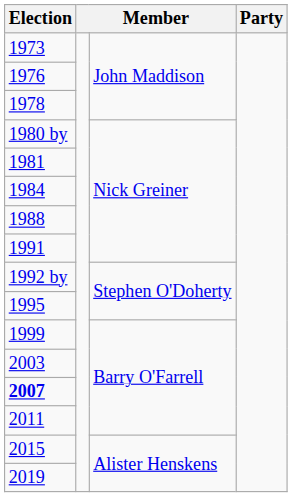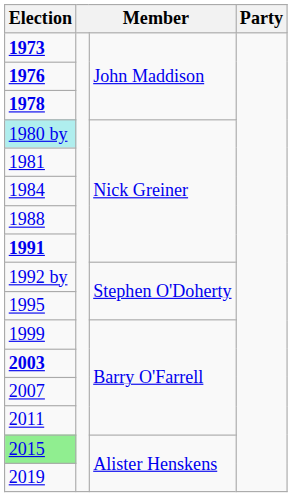 <table class="wikitable">
 <tr>
 <th>Election</th>
 <th colspan="2">Member</th>
 <th>Party</th>
 </tr>
 <tr>
-<td><a href='#'>1973</a></td>
+<td><strong><a href='#'>1973</a></strong></td>
 <td rowspan="16" > </td>
 <td rowspan="3"><a href='#'>John Maddison</a></td>
 <td rowspan="16"></td>
 </tr>
 <tr>
-<td><a href='#'>1976</a></td>
+<td><strong><a href='#'>1976</a></strong></td>
 </tr>
 <tr>
-<td><a href='#'>1978</a></td>
+<td><strong><a href='#'>1978</a></strong></td>
 </tr>
 <tr>
-<td><a href='#'>1980 by</a></td>
+<td style="background: paleturquoise;"><a href='#'>1980 by</a></td>
 <td rowspan="5"><a href='#'>Nick Greiner</a></td>
 </tr>
 <tr>
 <td><a href='#'>1981</a></td>
 </tr>
 <tr>
 <td><a href='#'>1984</a></td>
 </tr>
 <tr>
 <td><a href='#'>1988</a></td>
 </tr>
 <tr>
-<td><a href='#'>1991</a></td>
+<td><strong><a href='#'>1991</a></strong></td>
 </tr>
 <tr>
 <td><a href='#'>1992 by</a></td>
 <td rowspan="2"><a href='#'>Stephen O'Doherty</a></td>
 </tr>
 <tr>
 <td><a href='#'>1995</a></td>
 </tr>
 <tr>
 <td><a href='#'>1999</a></td>
 <td rowspan="4"><a href='#'>Barry O'Farrell</a></td>
 </tr>
 <tr>
-<td><a href='#'>2003</a></td>
+<td><strong><a href='#'>2003</a></strong></td>
 </tr>
 <tr>
-<td><strong><a href='#'>2007</a></strong></td>
+<td><a href='#'>2007</a></td>
 </tr>
 <tr>
 <td><a href='#'>2011</a></td>
 </tr>
 <tr>
-<td><a href='#'>2015</a></td>
+<td style="background: lightgreen;"><a href='#'>2015</a></td>
 <td rowspan="2"><a href='#'>Alister Henskens</a></td>
 </tr>
 <tr>
 <td><a href='#'>2019</a></td>
 </tr>
 </table>
